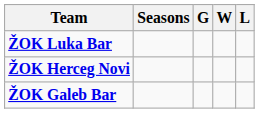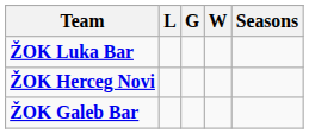 <table class="wikitable" style="font-size:90%">
 <tr>
 <th>Team</th>
-<th>Seasons</th>
+<th>L</th>
 <th>G</th>
 <th>W</th>
-<th>L</th>
+<th>Seasons</th>
 </tr>
 <tr>
 <td><strong><a href='#'>ŽOK Luka Bar</a></strong></td>
 <td></td>
 <td></td>
 <td></td>
 <td></td>
 </tr>
 <tr>
 <td><strong><a href='#'>ŽOK Herceg Novi</a></strong></td>
 <td></td>
 <td></td>
 <td></td>
 <td></td>
 </tr>
 <tr>
 <td><strong><a href='#'>ŽOK Galeb Bar</a></strong></td>
 <td></td>
 <td></td>
 <td></td>
 <td></td>
 </tr>
 </table>
